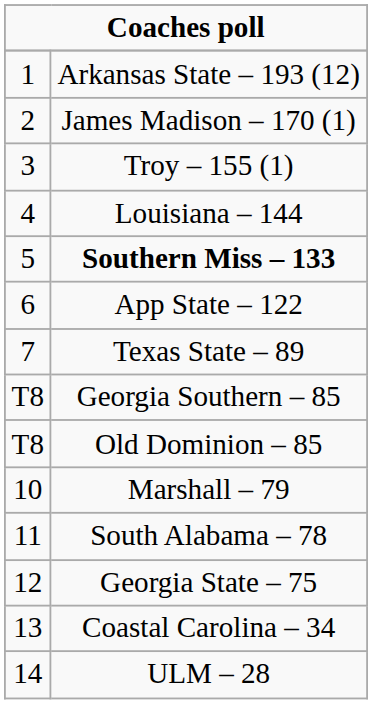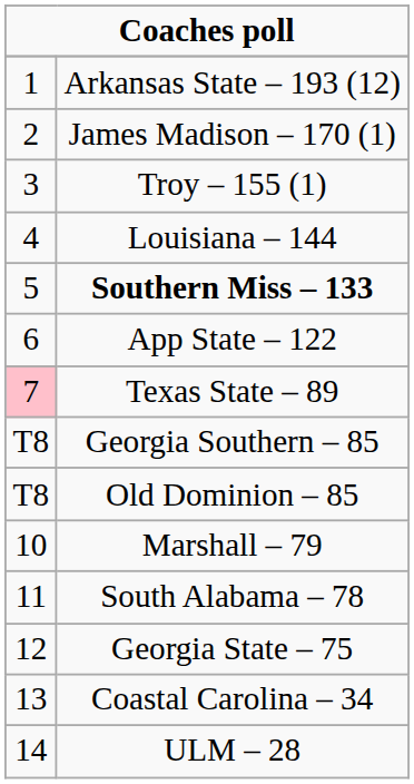 <table class="wikitable" style="display: inline-table;">
 <tr>
 <td align="center" Colspan="3"><strong>Coaches poll</strong></td>
 </tr>
 <tr align="center">
 </tr>
 <tr align="center">
 <td>1</td>
 <td>Arkansas State – 193 (12)</td>
 </tr>
 <tr align="center">
 <td>2</td>
 <td>James Madison – 170 (1)</td>
 </tr>
 <tr align="center">
 <td>3</td>
 <td>Troy – 155 (1)</td>
 </tr>
 <tr align="center">
 <td>4</td>
 <td>Louisiana – 144</td>
 </tr>
 <tr align="center">
 <td>5</td>
 <td><strong>Southern Miss – 133</strong></td>
 </tr>
 <tr align="center">
 <td>6</td>
 <td>App State – 122</td>
 </tr>
 <tr align="center">
-<td>7</td>
+<td style="background: pink;">7</td>
 <td>Texas State – 89</td>
 </tr>
 <tr align="center">
 <td>T8</td>
 <td>Georgia Southern – 85</td>
 </tr>
 <tr align="center">
 <td>T8</td>
 <td>Old Dominion – 85</td>
 </tr>
 <tr align="center">
 <td>10</td>
 <td>Marshall – 79</td>
 </tr>
 <tr align="center">
 <td>11</td>
 <td>South Alabama – 78</td>
 </tr>
 <tr align="center">
 <td>12</td>
 <td>Georgia State – 75</td>
 </tr>
 <tr align="center">
 <td>13</td>
 <td>Coastal Carolina – 34</td>
 </tr>
 <tr align="center">
 <td>14</td>
 <td>ULM – 28</td>
 </tr>
 </table>
